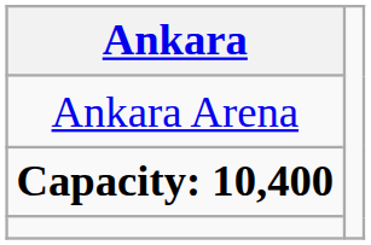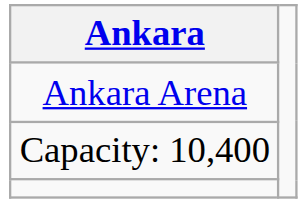 <table class="wikitable" style="margin:1em auto; text-align:center">
 <tr>
 <th><a href='#'>Ankara</a></th>
 <td rowspan=4></td>
 </tr>
 <tr>
 <td><a href='#'>Ankara Arena</a></td>
 </tr>
 <tr>
-<td><strong>Capacity: 10,400</strong></td>
+<td>Capacity: 10,400</td>
 </tr>
 <tr>
 <td></td>
 </tr>
 </table>
